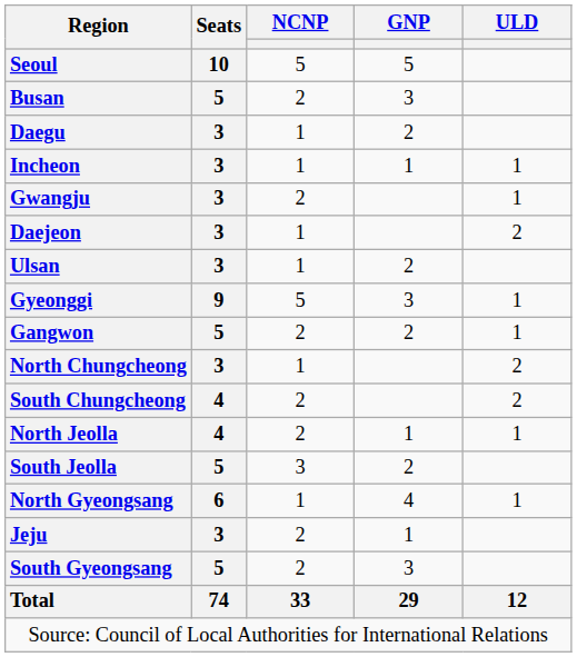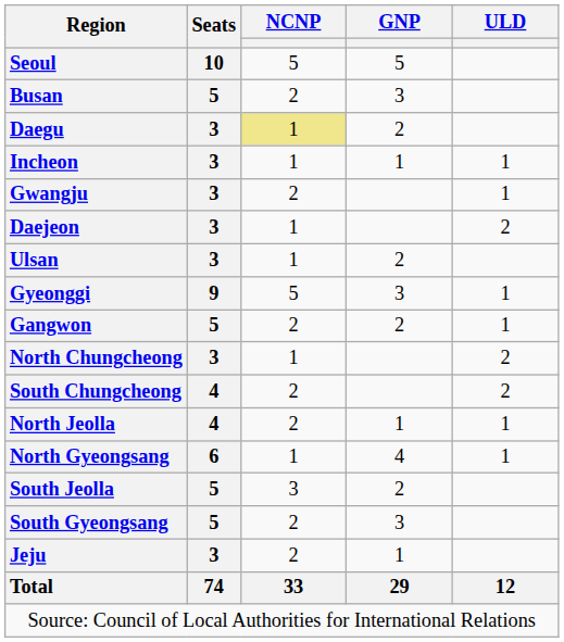 <table class="wikitable" style="text-align:center; font-size: 0.9em;">
 <tr>
 <th rowspan="2">Region</th>
 <th rowspan="2">Seats</th>
 <th class="unsortable" style="width:70px;"><a href='#'>NCNP</a></th>
 <th class="unsortable" style="width:70px;"><a href='#'>GNP</a></th>
 <th class="unsortable" style="width:70px;"><a href='#'>ULD</a></th>
 </tr>
 <tr>
 <th style="background:"></th>
 <th style="background:"></th>
 <th style="background:"></th>
 </tr>
 <tr>
 <th style="text-align: left;"><a href='#'>Seoul</a></th>
 <th>10</th>
 <td>5</td>
 <td>5</td>
 <td></td>
 </tr>
 <tr>
 <th style="text-align: left;"><a href='#'>Busan</a></th>
 <th>5</th>
 <td>2</td>
 <td>3</td>
 <td></td>
 </tr>
 <tr>
 <th style="text-align: left;"><a href='#'>Daegu</a></th>
 <th>3</th>
-<td>1</td>
+<td style="background: khaki;">1</td>
 <td>2</td>
 <td></td>
 </tr>
 <tr>
 <th style="text-align: left;"><a href='#'>Incheon</a></th>
 <th>3</th>
 <td>1</td>
 <td>1</td>
 <td>1</td>
 </tr>
 <tr>
 <th style="text-align: left;"><a href='#'>Gwangju</a></th>
 <th>3</th>
 <td>2</td>
 <td></td>
 <td>1</td>
 </tr>
 <tr>
 <th style="text-align: left;"><a href='#'>Daejeon</a></th>
 <th>3</th>
 <td>1</td>
 <td></td>
 <td>2</td>
 </tr>
 <tr>
 <th style="text-align: left;"><a href='#'>Ulsan</a></th>
 <th>3</th>
 <td>1</td>
 <td>2</td>
 <td></td>
 </tr>
 <tr>
 <th style="text-align: left;"><a href='#'>Gyeonggi</a></th>
 <th>9</th>
 <td>5</td>
 <td>3</td>
 <td>1</td>
 </tr>
 <tr>
 <th style="text-align: left;"><a href='#'>Gangwon</a></th>
 <th>5</th>
 <td>2</td>
 <td>2</td>
 <td>1</td>
 </tr>
 <tr>
 <th style="text-align: left;"><a href='#'>North Chungcheong</a></th>
 <th>3</th>
 <td>1</td>
 <td></td>
 <td>2</td>
 </tr>
 <tr>
 <th style="text-align: left;"><a href='#'>South Chungcheong</a></th>
 <th>4</th>
 <td>2</td>
 <td></td>
 <td>2</td>
 </tr>
 <tr>
 <th style="text-align: left;"><a href='#'>North Jeolla</a></th>
 <th>4</th>
 <td>2</td>
 <td>1</td>
 <td>1</td>
 </tr>
 <tr>
+<th style="text-align: left;"><a href='#'>North Gyeongsang</a></th>
+<th>6</th>
+<td>1</td>
+<td>4</td>
+<td>1</td>
+</tr>
+<tr>
 <th style="text-align: left;"><a href='#'>South Jeolla</a></th>
 <th>5</th>
 <td>3</td>
 <td>2</td>
 <td></td>
 </tr>
 <tr>
-<th style="text-align: left;"><a href='#'>North Gyeongsang</a></th>
-<th>6</th>
-<td>1</td>
-<td>4</td>
-<td>1</td>
+<th style="text-align: left;"><a href='#'>South Gyeongsang</a></th>
+<th>5</th>
+<td>2</td>
+<td>3</td>
+<td></td>
 </tr>
 <tr>
 <th style="text-align: left;"><a href='#'>Jeju</a></th>
 <th>3</th>
 <td>2</td>
 <td>1</td>
-<td></td>
-</tr>
-<tr>
-<th style="text-align: left;"><a href='#'>South Gyeongsang</a></th>
-<th>5</th>
-<td>2</td>
-<td>3</td>
 <td></td>
 </tr>
 <tr class="sortbottom">
 <th style="text-align: left;">Total</th>
 <th>74</th>
 <th>33</th>
 <th>29</th>
 <th>12</th>
 </tr>
 <tr>
 <td colspan="5">Source: Council of Local Authorities for International Relations</td>
 </tr>
 </table>
